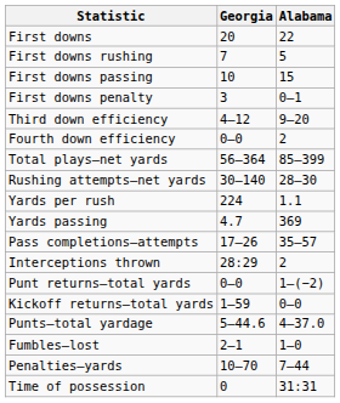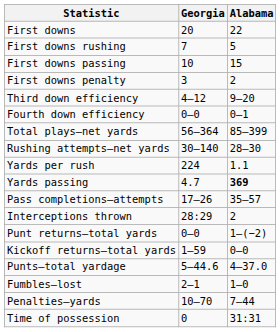 <table class="wikitable">
 <tr>
 <th>Statistic</th>
 <th><strong>Georgia</strong></th>
 <th><strong>Alabama</strong></th>
 </tr>
 <tr>
 <td>First downs</td>
 <td>20</td>
 <td>22</td>
 </tr>
 <tr>
 <td>First downs rushing</td>
 <td>7</td>
 <td>5</td>
 </tr>
 <tr>
 <td>First downs passing</td>
 <td>10</td>
 <td>15</td>
 </tr>
 <tr>
 <td>First downs penalty</td>
 <td>3</td>
-<td>0–1</td>
+<td>2</td>
 </tr>
 <tr>
 <td>Third down efficiency</td>
 <td>4–12</td>
 <td>9–20</td>
 </tr>
 <tr>
 <td>Fourth down efficiency</td>
 <td>0–0</td>
-<td>2</td>
+<td>0–1</td>
 </tr>
 <tr>
 <td>Total plays–net yards</td>
 <td>56–364</td>
 <td>85–399</td>
 </tr>
 <tr>
 <td>Rushing attempts–net yards</td>
 <td>30–140</td>
 <td>28–30</td>
 </tr>
 <tr>
 <td>Yards per rush</td>
 <td>224</td>
 <td>1.1</td>
 </tr>
 <tr>
 <td>Yards passing</td>
 <td>4.7</td>
-<td>369</td>
+<td><strong>369</strong></td>
 </tr>
 <tr>
 <td>Pass completions–attempts</td>
 <td>17–26</td>
 <td>35–57</td>
 </tr>
 <tr>
 <td>Interceptions thrown</td>
 <td>28:29</td>
 <td>2</td>
 </tr>
 <tr>
 <td>Punt returns–total yards</td>
 <td>0–0</td>
 <td>1–(−2)</td>
 </tr>
 <tr>
 <td>Kickoff returns–total yards</td>
 <td>1–59</td>
 <td>0–0</td>
 </tr>
 <tr>
 <td>Punts–total yardage</td>
 <td>5–44.6</td>
 <td>4–37.0</td>
 </tr>
 <tr>
 <td>Fumbles–lost</td>
 <td>2–1</td>
 <td>1–0</td>
 </tr>
 <tr>
 <td>Penalties–yards</td>
 <td>10–70</td>
 <td>7–44</td>
 </tr>
 <tr>
 <td>Time of possession</td>
 <td>0</td>
 <td>31:31</td>
 </tr>
 </table>
